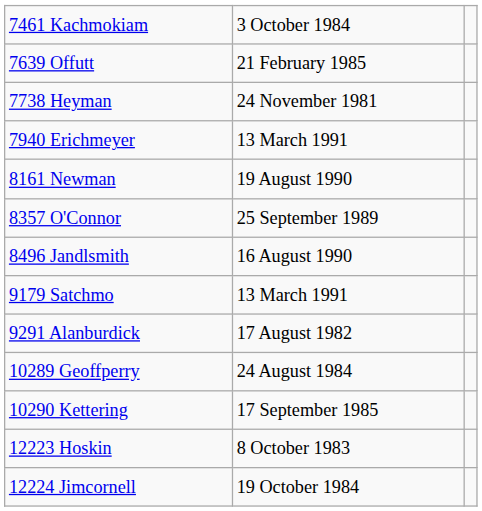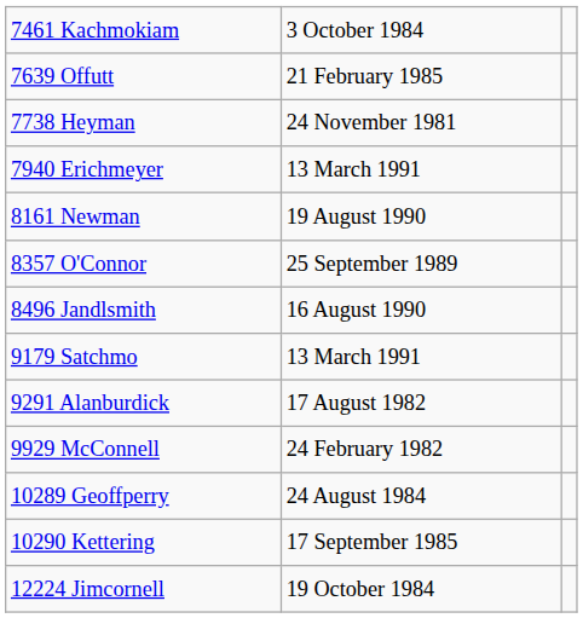 <table class="wikitable" style="font-size: 89%; float: left; width: 26em; margin-right: 1em; height: 392px;">
 <tr>
 <td><a href='#'>7461 Kachmokiam</a></td>
 <td>3 October 1984</td>
 <td></td>
 </tr>
 <tr>
 <td><a href='#'>7639 Offutt</a></td>
 <td>21 February 1985</td>
 <td></td>
 </tr>
 <tr>
 <td><a href='#'>7738 Heyman</a></td>
 <td>24 November 1981</td>
 <td></td>
 </tr>
 <tr>
 <td><a href='#'>7940 Erichmeyer</a></td>
 <td>13 March 1991</td>
 <td></td>
 </tr>
 <tr>
 <td><a href='#'>8161 Newman</a></td>
 <td>19 August 1990</td>
 <td></td>
 </tr>
 <tr>
 <td><a href='#'>8357 O'Connor</a></td>
 <td>25 September 1989</td>
 <td></td>
 </tr>
 <tr>
 <td><a href='#'>8496 Jandlsmith</a></td>
 <td>16 August 1990</td>
 <td></td>
 </tr>
 <tr>
 <td><a href='#'>9179 Satchmo</a></td>
 <td>13 March 1991</td>
 <td></td>
 </tr>
 <tr>
 <td><a href='#'>9291 Alanburdick</a></td>
 <td>17 August 1982</td>
 <td></td>
 </tr>
 <tr>
+<td><a href='#'>9929 McConnell</a></td>
+<td>24 February 1982</td>
+<td></td>
+</tr>
+<tr>
 <td><a href='#'>10289 Geoffperry</a></td>
 <td>24 August 1984</td>
 <td></td>
 </tr>
 <tr>
 <td><a href='#'>10290 Kettering</a></td>
 <td>17 September 1985</td>
 <td></td>
 </tr>
 <tr>
-<td><a href='#'>12223 Hoskin</a></td>
-<td>8 October 1983</td>
-<td></td>
-</tr>
-<tr>
 <td><a href='#'>12224 Jimcornell</a></td>
 <td>19 October 1984</td>
 <td></td>
 </tr>
 </table>
